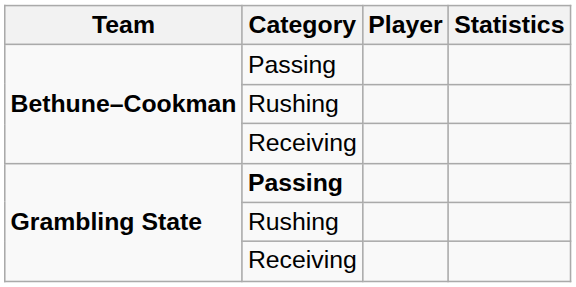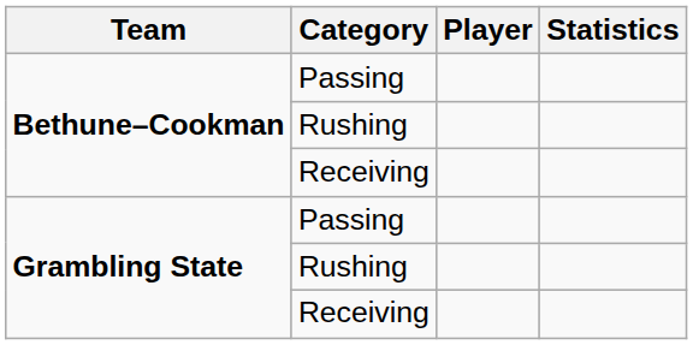 <table class="wikitable" style="float: left;">
 <tr>
 <th>Team</th>
 <th>Category</th>
 <th>Player</th>
 <th>Statistics</th>
 </tr>
 <tr>
 <td rowspan=3><strong>Bethune–Cookman</strong></td>
 <td>Passing</td>
 <td> </td>
 <td> </td>
 </tr>
 <tr>
 <td>Rushing</td>
 <td> </td>
 <td> </td>
 </tr>
 <tr>
 <td>Receiving</td>
 <td> </td>
 <td> </td>
 </tr>
 <tr>
 <td rowspan=3><strong>Grambling State</strong></td>
-<td><strong>Passing</strong></td>
+<td>Passing</td>
 <td> </td>
 <td> </td>
 </tr>
 <tr>
 <td>Rushing</td>
 <td> </td>
 <td> </td>
 </tr>
 <tr>
 <td>Receiving</td>
 <td> </td>
 <td> </td>
 </tr>
 </table>
